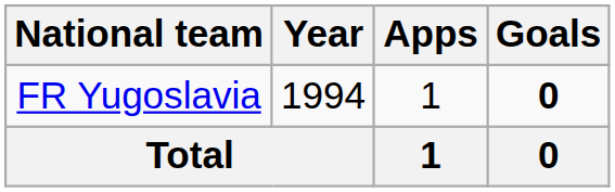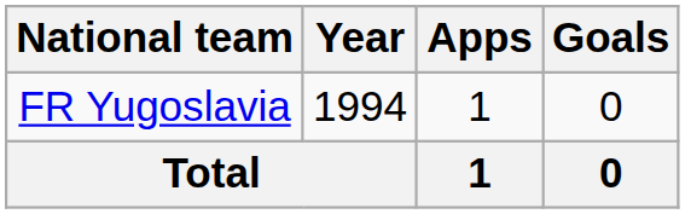 <table class="wikitable" style="text-align:center">
 <tr>
 <th>National team</th>
 <th>Year</th>
 <th>Apps</th>
 <th>Goals</th>
 </tr>
 <tr>
 <td><a href='#'>FR Yugoslavia</a></td>
 <td>1994</td>
 <td>1</td>
-<td><strong>0</strong></td>
+<td>0</td>
 </tr>
 <tr>
 <th colspan="2">Total</th>
 <th>1</th>
 <th>0</th>
 </tr>
 </table>
